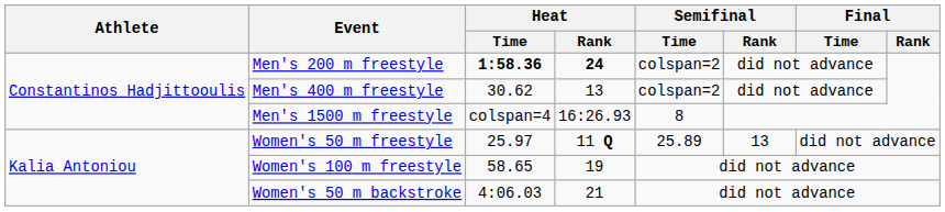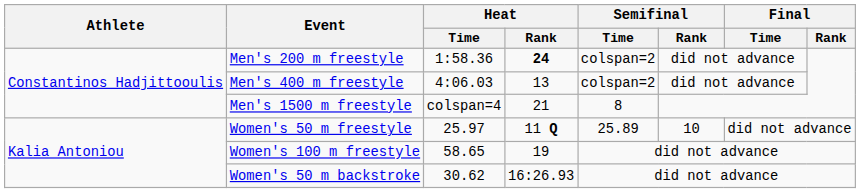 <table class=wikitable style=font-size:90%>
 <tr>
 <th rowspan=2>Athlete</th>
 <th rowspan=2>Event</th>
 <th colspan=2>Heat</th>
 <th colspan=2>Semifinal</th>
 <th colspan=2>Final</th>
 </tr>
 <tr style=font-size:95%>
 <th>Time</th>
 <th>Rank</th>
 <th>Time</th>
 <th>Rank</th>
 <th>Time</th>
 <th>Rank</th>
 </tr>
 <tr align=center>
 <td align=left rowspan=3><a href='#'>Constantinos Hadjittooulis</a></td>
 <td align=left><a href='#'>Men's 200 m freestyle</a></td>
-<td><strong>1:58.36</strong></td>
+<td>1:58.36</td>
 <td><strong>24</strong></td>
 <td>colspan=2 </td>
 <td colspan=2>did not advance</td>
 </tr>
 <tr align=center>
 <td align=left><a href='#'>Men's 400 m freestyle</a></td>
-<td>30.62</td>
+<td>4:06.03</td>
 <td>13</td>
 <td>colspan=2 </td>
 <td colspan=2>did not advance</td>
 </tr>
 <tr align=center>
 <td align=left><a href='#'>Men's 1500 m freestyle</a></td>
 <td>colspan=4 </td>
-<td>16:26.93</td>
+<td>21</td>
 <td>8</td>
 </tr>
 <tr align=center>
 <td align=left rowspan=3><a href='#'>Kalia Antoniou</a></td>
 <td align=left><a href='#'>Women's 50 m freestyle</a></td>
 <td>25.97</td>
 <td>11 <strong>Q</strong></td>
 <td>25.89</td>
-<td>13</td>
+<td>10</td>
 <td colspan=2>did not advance</td>
 </tr>
 <tr align=center>
 <td align=left><a href='#'>Women's 100 m freestyle</a></td>
 <td>58.65</td>
 <td>19</td>
 <td colspan=4>did not advance</td>
 </tr>
 <tr align=center>
 <td align=left><a href='#'>Women's 50 m backstroke</a></td>
-<td>4:06.03</td>
-<td>21</td>
+<td>30.62</td>
+<td>16:26.93</td>
 <td colspan=4>did not advance</td>
 </tr>
 </table>
